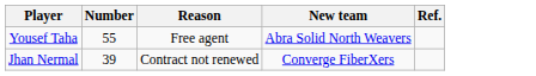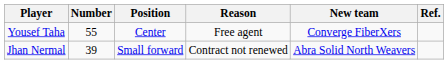 <table class="wikitable sortable sortable">
 <tr>
 <th>Player</th>
 <th>Number</th>
+<th>Position</th>
 <th>Reason</th>
 <th>New team</th>
 <th>Ref.</th>
 </tr>
 <tr style="text-align: center">
 <td><a href='#'>Yousef Taha</a></td>
 <td>55</td>
+<td><a href='#'>Center</a></td>
 <td>Free agent</td>
-<td><a href='#'>Abra Solid North Weavers</a> </td>
+<td><a href='#'>Converge FiberXers</a></td>
 <td></td>
 </tr>
 <tr style="text-align: center">
 <td><a href='#'>Jhan Nermal</a></td>
 <td>39</td>
+<td><a href='#'>Small forward</a></td>
 <td>Contract not renewed</td>
-<td><a href='#'>Converge FiberXers</a></td>
+<td><a href='#'>Abra Solid North Weavers</a> </td>
 <td></td>
 </tr>
 </table>
